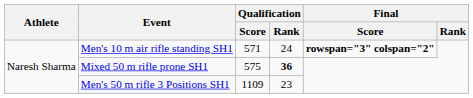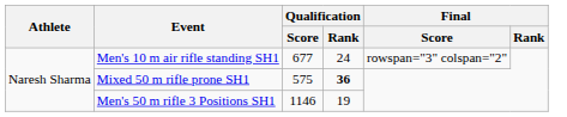 <table class=wikitable>
 <tr>
 <th rowspan="2">Athlete</th>
 <th rowspan="2">Event</th>
 <th colspan="2">Qualification</th>
 <th colspan="2">Final</th>
 </tr>
 <tr>
 <th>Score</th>
 <th>Rank</th>
 <th>Score</th>
 <th>Rank</th>
 </tr>
 <tr align=center>
 <td align=left rowspan=3>Naresh Sharma</td>
 <td align=left><a href='#'>Men's 10 m air rifle standing SH1</a></td>
-<td>571</td>
+<td>677</td>
 <td>24</td>
-<td><strong>rowspan="3" colspan="2" </strong></td>
+<td>rowspan="3" colspan="2" </td>
 </tr>
 <tr align=center>
 <td align=left><a href='#'>Mixed 50 m rifle prone SH1</a></td>
 <td>575</td>
 <td><strong>36</strong></td>
 </tr>
 <tr align=center>
 <td align=left><a href='#'>Men's 50 m rifle 3 Positions SH1</a></td>
-<td>1109</td>
-<td>23</td>
+<td>1146</td>
+<td>19</td>
 </tr>
 </table>
